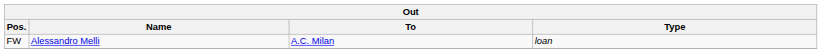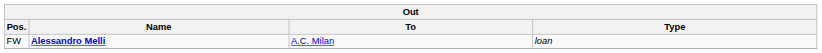 <table class="wikitable" style="font-size:90%;width:99%;">
 <tr>
 <th colspan="4">Out</th>
 </tr>
 <tr>
 <th width=3%>Pos.</th>
 <th width=32%>Name</th>
 <th width=30%>To</th>
 <th width=35%>Type</th>
 </tr>
 <tr>
 <td>FW</td>
-<td><a href='#'>Alessandro Melli</a></td>
+<td><strong><a href='#'>Alessandro Melli</a></strong></td>
 <td><a href='#'>A.C. Milan</a></td>
 <td><em>loan</em></td>
 </tr>
 <tr>
 </tr>
 </table>
